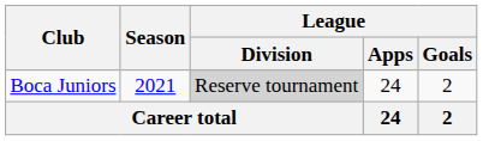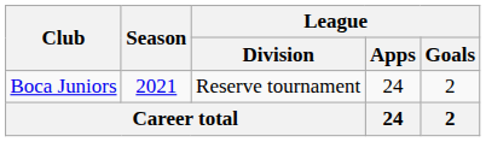 <table class="wikitable" style="text-align: center">
 <tr>
 <th rowspan="2">Club</th>
 <th rowspan="2">Season</th>
 <th colspan="3">League</th>
 </tr>
 <tr>
 <th>Division</th>
 <th>Apps</th>
 <th>Goals</th>
 </tr>
 <tr>
 <td><a href='#'>Boca Juniors</a></td>
 <td><a href='#'>2021</a></td>
-<td style="background: lightgrey;">Reserve tournament</td>
+<td>Reserve tournament</td>
 <td>24</td>
 <td>2</td>
 </tr>
 <tr>
 <th colspan=3>Career total</th>
 <th>24</th>
 <th>2</th>
 </tr>
 </table>
